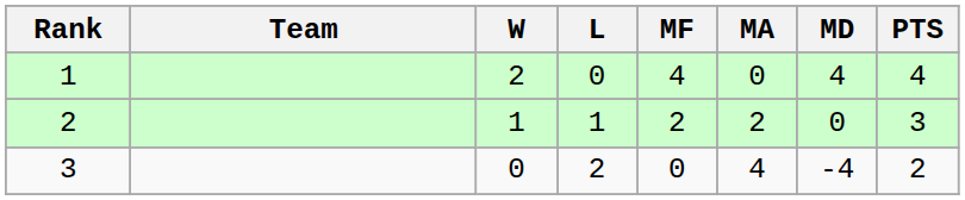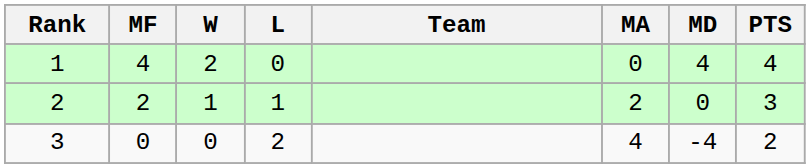 <table class="wikitable" style="text-align:center">
 <tr>
 <th width=50>Rank</th>
-<th width=150>Team</th>
+<th width=30>MF</th>
 <th width=30>W</th>
 <th width=30>L</th>
-<th width=30>MF</th>
+<th width=150>Team</th>
 <th width=30>MA</th>
 <th width=30>MD</th>
 <th width=30>PTS</th>
 </tr>
 <tr bgcolor=#ccffcc>
 <td>1</td>
-<td style="text-align:left;"></td>
+<td>4</td>
 <td>2</td>
 <td>0</td>
-<td>4</td>
+<td style="text-align:left;"></td>
 <td>0</td>
 <td>4</td>
 <td>4</td>
 </tr>
 <tr bgcolor=#ccffcc>
 <td>2</td>
-<td style="text-align:left;"></td>
+<td>2</td>
 <td>1</td>
 <td>1</td>
-<td>2</td>
+<td style="text-align:left;"></td>
 <td>2</td>
 <td>0</td>
 <td>3</td>
 </tr>
 <tr>
 <td>3</td>
-<td style="text-align:left;"></td>
+<td>0</td>
 <td>0</td>
 <td>2</td>
-<td>0</td>
+<td style="text-align:left;"></td>
 <td>4</td>
 <td>-4</td>
 <td>2</td>
 </tr>
 </table>
